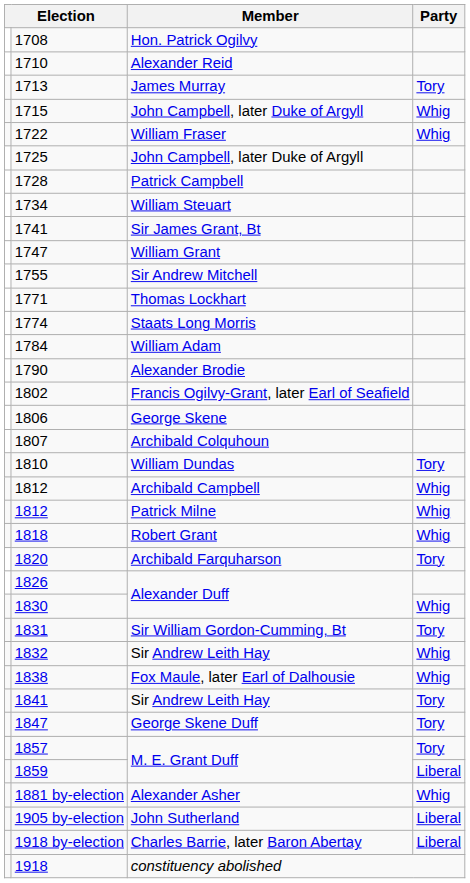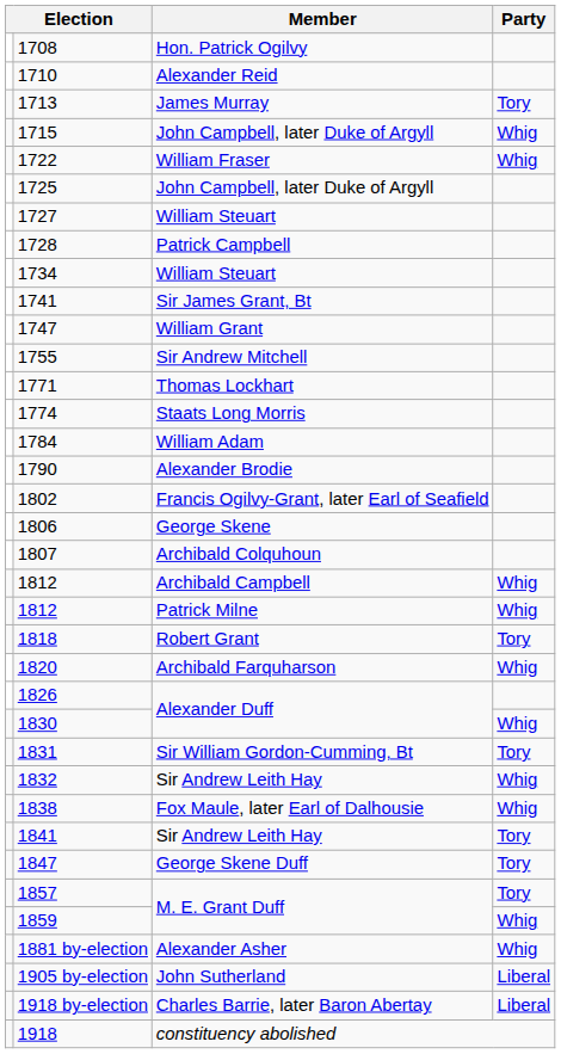 <table class="wikitable">
 <tr>
 <th colspan="2">Election</th>
 <th>Member</th>
 <th>Party</th>
 </tr>
 <tr>
 <td style="color:inherit;background-color: white"></td>
 <td>1708</td>
 <td><a href='#'>Hon. Patrick Ogilvy</a></td>
 <td></td>
 </tr>
 <tr>
 <td style="color:inherit;background-color: white"></td>
 <td>1710</td>
 <td><a href='#'>Alexander Reid</a></td>
 <td></td>
 </tr>
 <tr>
 <td style="color:inherit;background-color: "></td>
 <td>1713</td>
 <td><a href='#'>James Murray</a></td>
 <td><a href='#'>Tory</a></td>
 </tr>
 <tr>
 <td style="color:inherit;background-color: "></td>
 <td>1715</td>
 <td><a href='#'>John Campbell</a>, later <a href='#'>Duke of Argyll</a></td>
 <td><a href='#'>Whig</a></td>
 </tr>
 <tr>
 <td style="color:inherit;background-color: "></td>
 <td>1722</td>
 <td><a href='#'>William Fraser</a></td>
 <td><a href='#'>Whig</a></td>
 </tr>
 <tr>
 <td style="color:inherit;background-color: white"></td>
 <td>1725</td>
 <td><a href='#'>John Campbell</a>, later Duke of Argyll</td>
+<td></td>
+</tr>
+<tr>
+<td style="color:inherit;background-color: white"></td>
+<td>1727</td>
+<td><a href='#'>William Steuart</a></td>
 <td></td>
 </tr>
 <tr>
 <td style="color:inherit;background-color: white"></td>
 <td>1728</td>
 <td><a href='#'>Patrick Campbell</a></td>
 <td></td>
 </tr>
 <tr>
 <td style="color:inherit;background-color: white"></td>
 <td>1734</td>
 <td><a href='#'>William Steuart</a></td>
 <td></td>
 </tr>
 <tr>
 <td style="color:inherit;background-color: white"></td>
 <td>1741</td>
 <td><a href='#'>Sir James Grant, Bt</a></td>
 <td></td>
 </tr>
 <tr>
 <td style="color:inherit;background-color: white"></td>
 <td>1747</td>
 <td><a href='#'>William Grant</a></td>
 <td></td>
 </tr>
 <tr>
 <td style="color:inherit;background-color: white"></td>
 <td>1755</td>
 <td><a href='#'>Sir Andrew Mitchell</a></td>
 <td></td>
 </tr>
 <tr>
 <td style="color:inherit;background-color: white"></td>
 <td>1771</td>
 <td><a href='#'>Thomas Lockhart</a></td>
 <td></td>
 </tr>
 <tr>
 <td style="color:inherit;background-color: white"></td>
 <td>1774</td>
 <td><a href='#'>Staats Long Morris</a></td>
 <td></td>
 </tr>
 <tr>
 <td style="color:inherit;background-color: white"></td>
 <td>1784</td>
 <td><a href='#'>William Adam</a></td>
 <td></td>
 </tr>
 <tr>
 <td style="color:inherit;background-color: white"></td>
 <td>1790</td>
 <td><a href='#'>Alexander Brodie</a></td>
 <td></td>
 </tr>
 <tr>
 <td style="color:inherit;background-color: white"></td>
 <td>1802</td>
 <td><a href='#'>Francis Ogilvy-Grant</a>, later <a href='#'>Earl of Seafield</a></td>
 <td></td>
 </tr>
 <tr>
 <td style="color:inherit;background-color: white"></td>
 <td>1806</td>
 <td><a href='#'>George Skene</a></td>
 <td></td>
 </tr>
 <tr>
 <td style="color:inherit;background-color: white"></td>
 <td>1807</td>
 <td><a href='#'>Archibald Colquhoun</a></td>
 <td></td>
 </tr>
 <tr>
 <td style="color:inherit;background-color: "></td>
-<td>1810</td>
-<td><a href='#'>William Dundas</a></td>
-<td><a href='#'>Tory</a></td>
-</tr>
-<tr>
-<td style="color:inherit;background-color: "></td>
 <td>1812</td>
 <td><a href='#'>Archibald Campbell</a></td>
 <td><a href='#'>Whig</a></td>
 </tr>
 <tr>
 <td style="color:inherit;background-color: "></td>
 <td><a href='#'>1812</a></td>
 <td><a href='#'>Patrick Milne</a></td>
 <td><a href='#'>Whig</a></td>
 </tr>
 <tr>
 <td style="color:inherit;background-color: "></td>
 <td><a href='#'>1818</a></td>
 <td><a href='#'>Robert Grant</a></td>
-<td><a href='#'>Whig</a></td>
+<td><a href='#'>Tory</a></td>
 </tr>
 <tr>
 <td style="color:inherit;background-color: white"></td>
 <td><a href='#'>1820</a></td>
 <td><a href='#'>Archibald Farquharson</a></td>
-<td><a href='#'>Tory</a></td>
+<td><a href='#'>Whig</a></td>
 </tr>
 <tr>
 <td style="color:inherit;background-color: white"></td>
 <td><a href='#'>1826</a></td>
 <td rowspan="2"><a href='#'>Alexander Duff</a></td>
 <td></td>
 </tr>
 <tr>
 <td style="color:inherit;background-color: "></td>
 <td><a href='#'>1830</a></td>
 <td><a href='#'>Whig</a></td>
 </tr>
 <tr>
 <td style="color:inherit;background-color: "></td>
 <td><a href='#'>1831</a></td>
 <td><a href='#'>Sir William Gordon-Cumming, Bt</a></td>
 <td><a href='#'>Tory</a></td>
 </tr>
 <tr>
 <td style="color:inherit;background-color: "></td>
 <td><a href='#'>1832</a></td>
 <td>Sir <a href='#'>Andrew Leith Hay</a></td>
 <td><a href='#'>Whig</a></td>
 </tr>
 <tr>
 <td style="color:inherit;background-color: "></td>
 <td><a href='#'>1838</a></td>
 <td><a href='#'>Fox Maule</a>, later <a href='#'>Earl of Dalhousie</a></td>
 <td><a href='#'>Whig</a></td>
 </tr>
 <tr>
 <td style="color:inherit;background-color: "></td>
 <td><a href='#'>1841</a></td>
 <td>Sir <a href='#'>Andrew Leith Hay</a></td>
 <td><a href='#'>Tory</a></td>
 </tr>
 <tr>
 <td style="color:inherit;background-color: "></td>
 <td><a href='#'>1847</a></td>
 <td><a href='#'>George Skene Duff</a></td>
 <td><a href='#'>Tory</a></td>
 </tr>
 <tr>
 <td style="color:inherit;background-color: "></td>
 <td><a href='#'>1857</a></td>
 <td rowspan="2"><a href='#'>M. E. Grant Duff</a></td>
 <td><a href='#'>Tory</a></td>
 </tr>
 <tr>
 <td style="color:inherit;background-color: "></td>
 <td><a href='#'>1859</a></td>
-<td><a href='#'>Liberal</a></td>
+<td><a href='#'>Whig</a></td>
 </tr>
 <tr>
 <td style="color:inherit;background-color: "></td>
 <td><a href='#'>1881 by-election</a></td>
 <td><a href='#'>Alexander Asher</a></td>
 <td><a href='#'>Whig</a></td>
 </tr>
 <tr>
 <td style="color:inherit;background-color: "></td>
 <td><a href='#'>1905 by-election</a></td>
 <td><a href='#'>John Sutherland</a></td>
 <td><a href='#'>Liberal</a></td>
 </tr>
 <tr>
 <td style="color:inherit;background-color: "></td>
 <td><a href='#'>1918 by-election</a></td>
 <td><a href='#'>Charles Barrie</a>, later <a href='#'>Baron Abertay</a></td>
 <td><a href='#'>Liberal</a></td>
 </tr>
 <tr>
 <td></td>
 <td><a href='#'>1918</a></td>
 <td colspan="2"><em>constituency abolished</em></td>
 </tr>
 </table>
